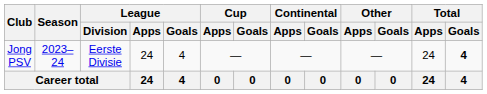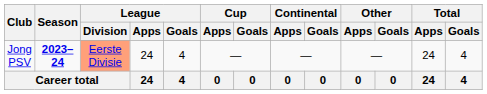 <table class="wikitable" style="text-align:center">
 <tr>
 <th rowspan="2">Club</th>
 <th rowspan="2">Season</th>
 <th colspan="3">League</th>
 <th colspan="2">Cup</th>
 <th colspan="2">Continental</th>
 <th colspan="2">Other</th>
 <th colspan="2">Total</th>
 </tr>
 <tr>
 <th>Division</th>
 <th>Apps</th>
 <th>Goals</th>
 <th>Apps</th>
 <th>Goals</th>
 <th>Apps</th>
 <th>Goals</th>
 <th>Apps</th>
 <th>Goals</th>
 <th>Apps</th>
 <th>Goals</th>
 </tr>
 <tr>
 <td><a href='#'>Jong PSV</a></td>
-<td><a href='#'>2023–24</a></td>
-<td><a href='#'>Eerste Divisie</a></td>
+<td><strong><a href='#'>2023–24</a></strong></td>
+<td style="background: lightsalmon;"><a href='#'>Eerste Divisie</a></td>
 <td>24</td>
 <td>4</td>
 <td colspan="2">—</td>
 <td colspan="2">—</td>
 <td colspan="2">—</td>
 <td>24</td>
-<td><strong>4</strong></td>
+<td>4</td>
 </tr>
 <tr>
 <th colspan="3">Career total</th>
 <th>24</th>
 <th>4</th>
 <th>0</th>
 <th>0</th>
 <th>0</th>
 <th>0</th>
 <th>0</th>
 <th>0</th>
 <th>24</th>
 <th>4</th>
 </tr>
 </table>
